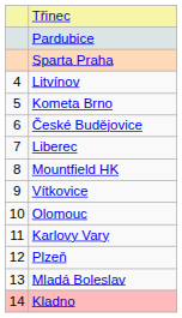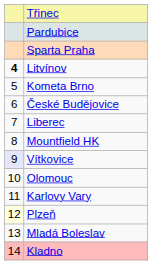 <table class="wikitable" style="width:200px;">
 <tr style="background:#F7F6A8;">
 <td align=center style="width:20px;"></td>
 <td><a href='#'>Třinec</a></td>
 </tr>
 <tr style="background:#DCE5E5;">
 <td align=center></td>
 <td><a href='#'>Pardubice</a></td>
 </tr>
 <tr style="background:#FFDAB9;">
 <td align=center></td>
 <td><a href='#'>Sparta Praha</a></td>
 </tr>
 <tr>
-<td align=center>4</td>
+<td align=center><strong>4</strong></td>
 <td><a href='#'>Litvínov</a></td>
 </tr>
 <tr>
 <td align=center>5</td>
 <td><a href='#'>Kometa Brno</a></td>
 </tr>
 <tr>
 <td align=center>6</td>
 <td><a href='#'>České Budějovice</a></td>
 </tr>
 <tr>
 <td align=center>7</td>
 <td><a href='#'>Liberec</a></td>
 </tr>
 <tr>
 <td align=center>8</td>
 <td><a href='#'>Mountfield HK</a></td>
 </tr>
 <tr>
-<td align=center>9</td>
+<td align=center style="background: lavender;">9</td>
 <td><a href='#'>Vítkovice</a></td>
 </tr>
 <tr>
 <td align=center>10</td>
 <td><a href='#'>Olomouc</a></td>
 </tr>
 <tr>
 <td align=center>11</td>
 <td><a href='#'>Karlovy Vary</a></td>
 </tr>
 <tr>
-<td align=center>12</td>
+<td align=center style="background: lightyellow;">12</td>
 <td><a href='#'>Plzeň</a></td>
 </tr>
 <tr>
 <td align=center>13</td>
 <td><a href='#'>Mladá Boleslav</a></td>
 </tr>
 <tr style="background:#ffbbbb;">
 <td align=center>14</td>
 <td><a href='#'>Kladno</a></td>
 </tr>
 </table>
